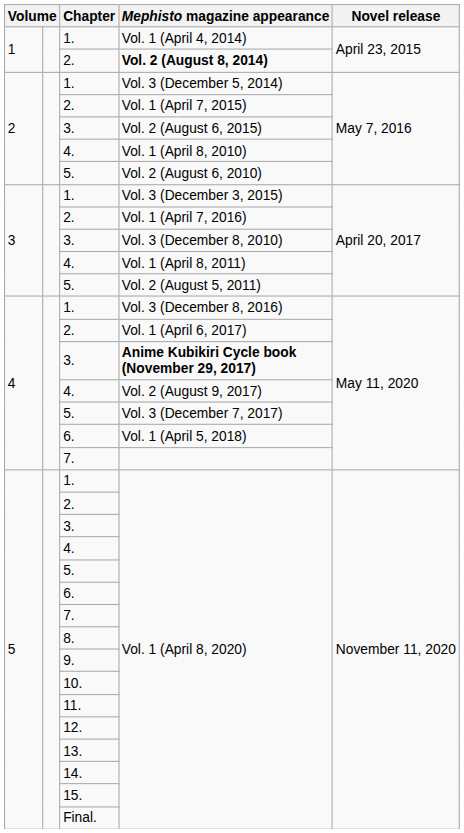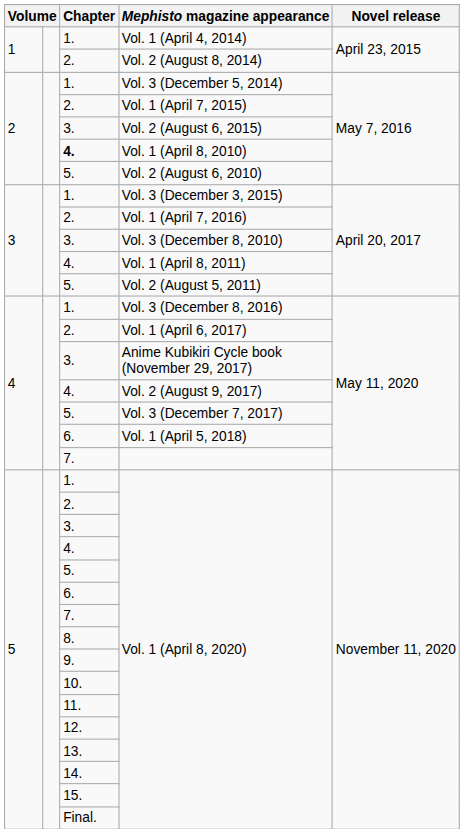 <table class="wikitable" style="font-size:small">
 <tr>
 <th colspan="2">Volume</th>
 <th>Chapter</th>
 <th><em>Mephisto</em> magazine appearance</th>
 <th>Novel release</th>
 </tr>
 <tr>
 <td rowspan="2">1</td>
 <td rowspan="2"></td>
 <td>1. </td>
 <td>Vol. 1 (April 4, 2014)<br></td>
 <td rowspan="2">April 23, 2015<br></td>
 </tr>
 <tr>
 <td>2. </td>
-<td><strong>Vol. 2 (August 8, 2014)<br></strong></td>
+<td>Vol. 2 (August 8, 2014)<br></td>
 </tr>
 <tr>
 <td rowspan="5">2</td>
 <td rowspan="5"></td>
 <td>1. </td>
 <td>Vol. 3 (December 5, 2014)<br></td>
 <td rowspan="5">May 7, 2016<br></td>
 </tr>
 <tr>
 <td>2. </td>
 <td>Vol. 1 (April 7, 2015)<br></td>
 </tr>
 <tr>
 <td>3. </td>
 <td>Vol. 2 (August 6, 2015)<br></td>
 </tr>
 <tr>
-<td>4. </td>
+<td><strong>4. </strong></td>
 <td>Vol. 1 (April 8, 2010)<br></td>
 </tr>
 <tr>
 <td>5. </td>
 <td>Vol. 2 (August 6, 2010)<br></td>
 </tr>
 <tr>
 <td rowspan="5">3</td>
 <td rowspan="5"></td>
 <td>1. </td>
 <td>Vol. 3 (December 3, 2015)<br></td>
 <td rowspan="5">April 20, 2017<br></td>
 </tr>
 <tr>
 <td>2. </td>
 <td>Vol. 1 (April 7, 2016)<br></td>
 </tr>
 <tr>
 <td>3. </td>
 <td>Vol. 3 (December 8, 2010)<br></td>
 </tr>
 <tr>
 <td>4. </td>
 <td>Vol. 1 (April 8, 2011)<br></td>
 </tr>
 <tr>
 <td>5. </td>
 <td>Vol. 2 (August 5, 2011)<br></td>
 </tr>
 <tr>
 <td rowspan="7">4</td>
 <td rowspan="7"></td>
 <td>1. </td>
 <td>Vol. 3 (December 8, 2016)</td>
 <td rowspan="7">May 11, 2020<br></td>
 </tr>
 <tr>
 <td>2. </td>
 <td>Vol. 1 (April 6, 2017)</td>
 </tr>
 <tr>
 <td>3. </td>
-<td><strong>Anime Kubikiri Cycle book<br>(November 29, 2017)<br></strong></td>
+<td>Anime Kubikiri Cycle book<br>(November 29, 2017)<br></td>
 </tr>
 <tr>
 <td>4. </td>
 <td>Vol. 2 (August 9, 2017)</td>
 </tr>
 <tr>
 <td>5. </td>
 <td>Vol. 3 (December 7, 2017)</td>
 </tr>
 <tr>
 <td>6. </td>
 <td>Vol. 1 (April 5, 2018)</td>
 </tr>
 <tr>
 <td>7. </td>
 <td></td>
 </tr>
 <tr>
 <td rowspan="16">5</td>
 <td rowspan="16"></td>
 <td>1. </td>
 <td rowspan="16">Vol. 1 (April 8, 2020)</td>
 <td rowspan="16">November 11, 2020<br></td>
 </tr>
 <tr>
 <td>2. </td>
 </tr>
 <tr>
 <td>3. </td>
 </tr>
 <tr>
 <td>4. </td>
 </tr>
 <tr>
 <td>5. </td>
 </tr>
 <tr>
 <td>6. </td>
 </tr>
 <tr>
 <td>7. </td>
 </tr>
 <tr>
 <td>8. </td>
 </tr>
 <tr>
 <td>9. </td>
 </tr>
 <tr>
 <td>10. </td>
 </tr>
 <tr>
 <td>11. </td>
 </tr>
 <tr>
 <td>12. </td>
 </tr>
 <tr>
 <td>13. </td>
 </tr>
 <tr>
 <td>14. </td>
 </tr>
 <tr>
 <td>15. </td>
 </tr>
 <tr>
 <td>Final. </td>
 </tr>
 </table>
